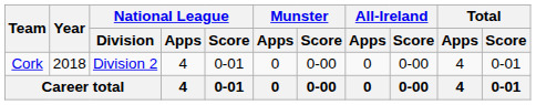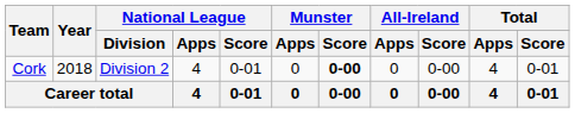 <table class="wikitable" style="text-align:center">
 <tr>
 <th rowspan="2">Team</th>
 <th rowspan="2">Year</th>
 <th colspan="3"><a href='#'>National League</a></th>
 <th colspan="2"><a href='#'>Munster</a></th>
 <th colspan="2"><a href='#'>All-Ireland</a></th>
 <th colspan="2">Total</th>
 </tr>
 <tr>
 <th>Division</th>
 <th>Apps</th>
 <th>Score</th>
 <th>Apps</th>
 <th>Score</th>
 <th>Apps</th>
 <th>Score</th>
 <th>Apps</th>
 <th>Score</th>
 </tr>
 <tr>
 <td rowspan="1"><a href='#'>Cork</a></td>
 <td>2018</td>
 <td rowspan="1"><a href='#'>Division 2</a></td>
 <td>4</td>
 <td>0-01</td>
 <td>0</td>
-<td>0-00</td>
+<td><strong>0-00</strong></td>
 <td>0</td>
 <td>0-00</td>
 <td>4</td>
 <td>0-01</td>
 </tr>
 <tr>
 <th colspan="3">Career total</th>
 <th>4</th>
 <th>0-01</th>
 <th>0</th>
 <th>0-00</th>
 <th>0</th>
 <th>0-00</th>
 <th>4</th>
 <th>0-01</th>
 </tr>
 </table>
